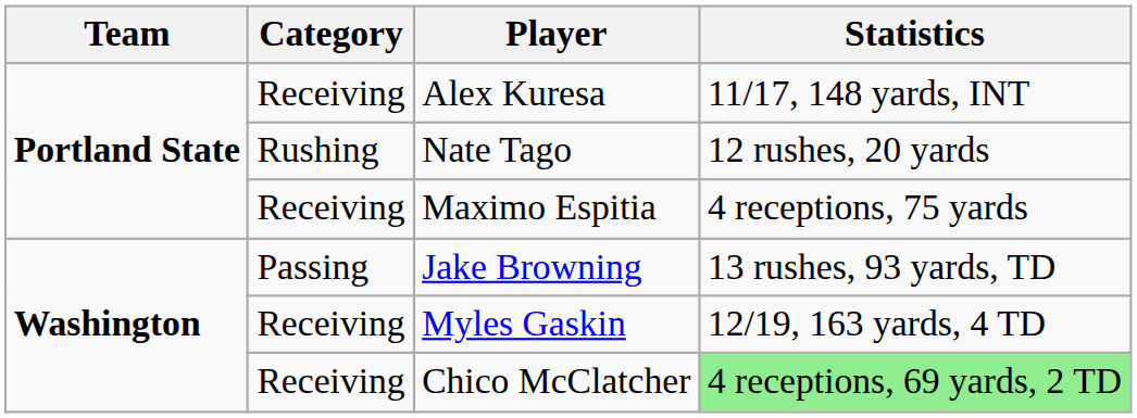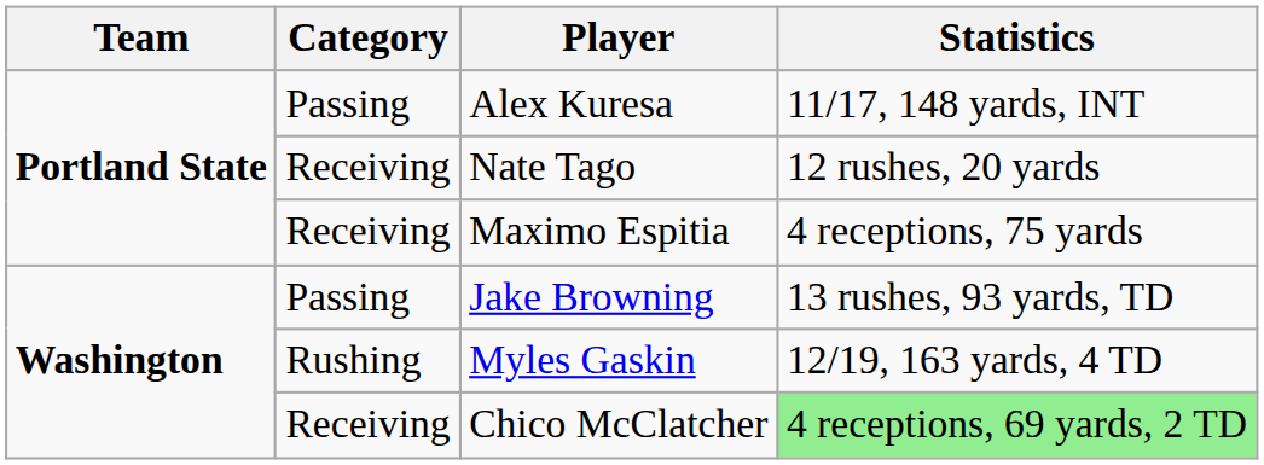 <table class="wikitable" style="float: left;">
 <tr>
 <th>Team</th>
 <th>Category</th>
 <th>Player</th>
 <th>Statistics</th>
 </tr>
 <tr>
 <td rowspan=3><strong>Portland State</strong></td>
-<td>Receiving</td>
+<td>Passing</td>
 <td>Alex Kuresa</td>
 <td>11/17, 148 yards, INT</td>
 </tr>
 <tr>
-<td>Rushing</td>
+<td>Receiving</td>
 <td>Nate Tago</td>
 <td>12 rushes, 20 yards</td>
 </tr>
 <tr>
 <td>Receiving</td>
 <td>Maximo Espitia</td>
 <td>4 receptions, 75 yards</td>
 </tr>
 <tr>
 <td rowspan=3><strong>Washington</strong></td>
 <td>Passing</td>
 <td><a href='#'>Jake Browning</a></td>
 <td>13 rushes, 93 yards, TD</td>
 </tr>
 <tr>
-<td>Receiving</td>
+<td>Rushing</td>
 <td><a href='#'>Myles Gaskin</a></td>
 <td>12/19, 163 yards, 4 TD</td>
 </tr>
 <tr>
 <td>Receiving</td>
 <td>Chico McClatcher</td>
 <td style="background: lightgreen;">4 receptions, 69 yards, 2 TD</td>
 </tr>
 </table>
